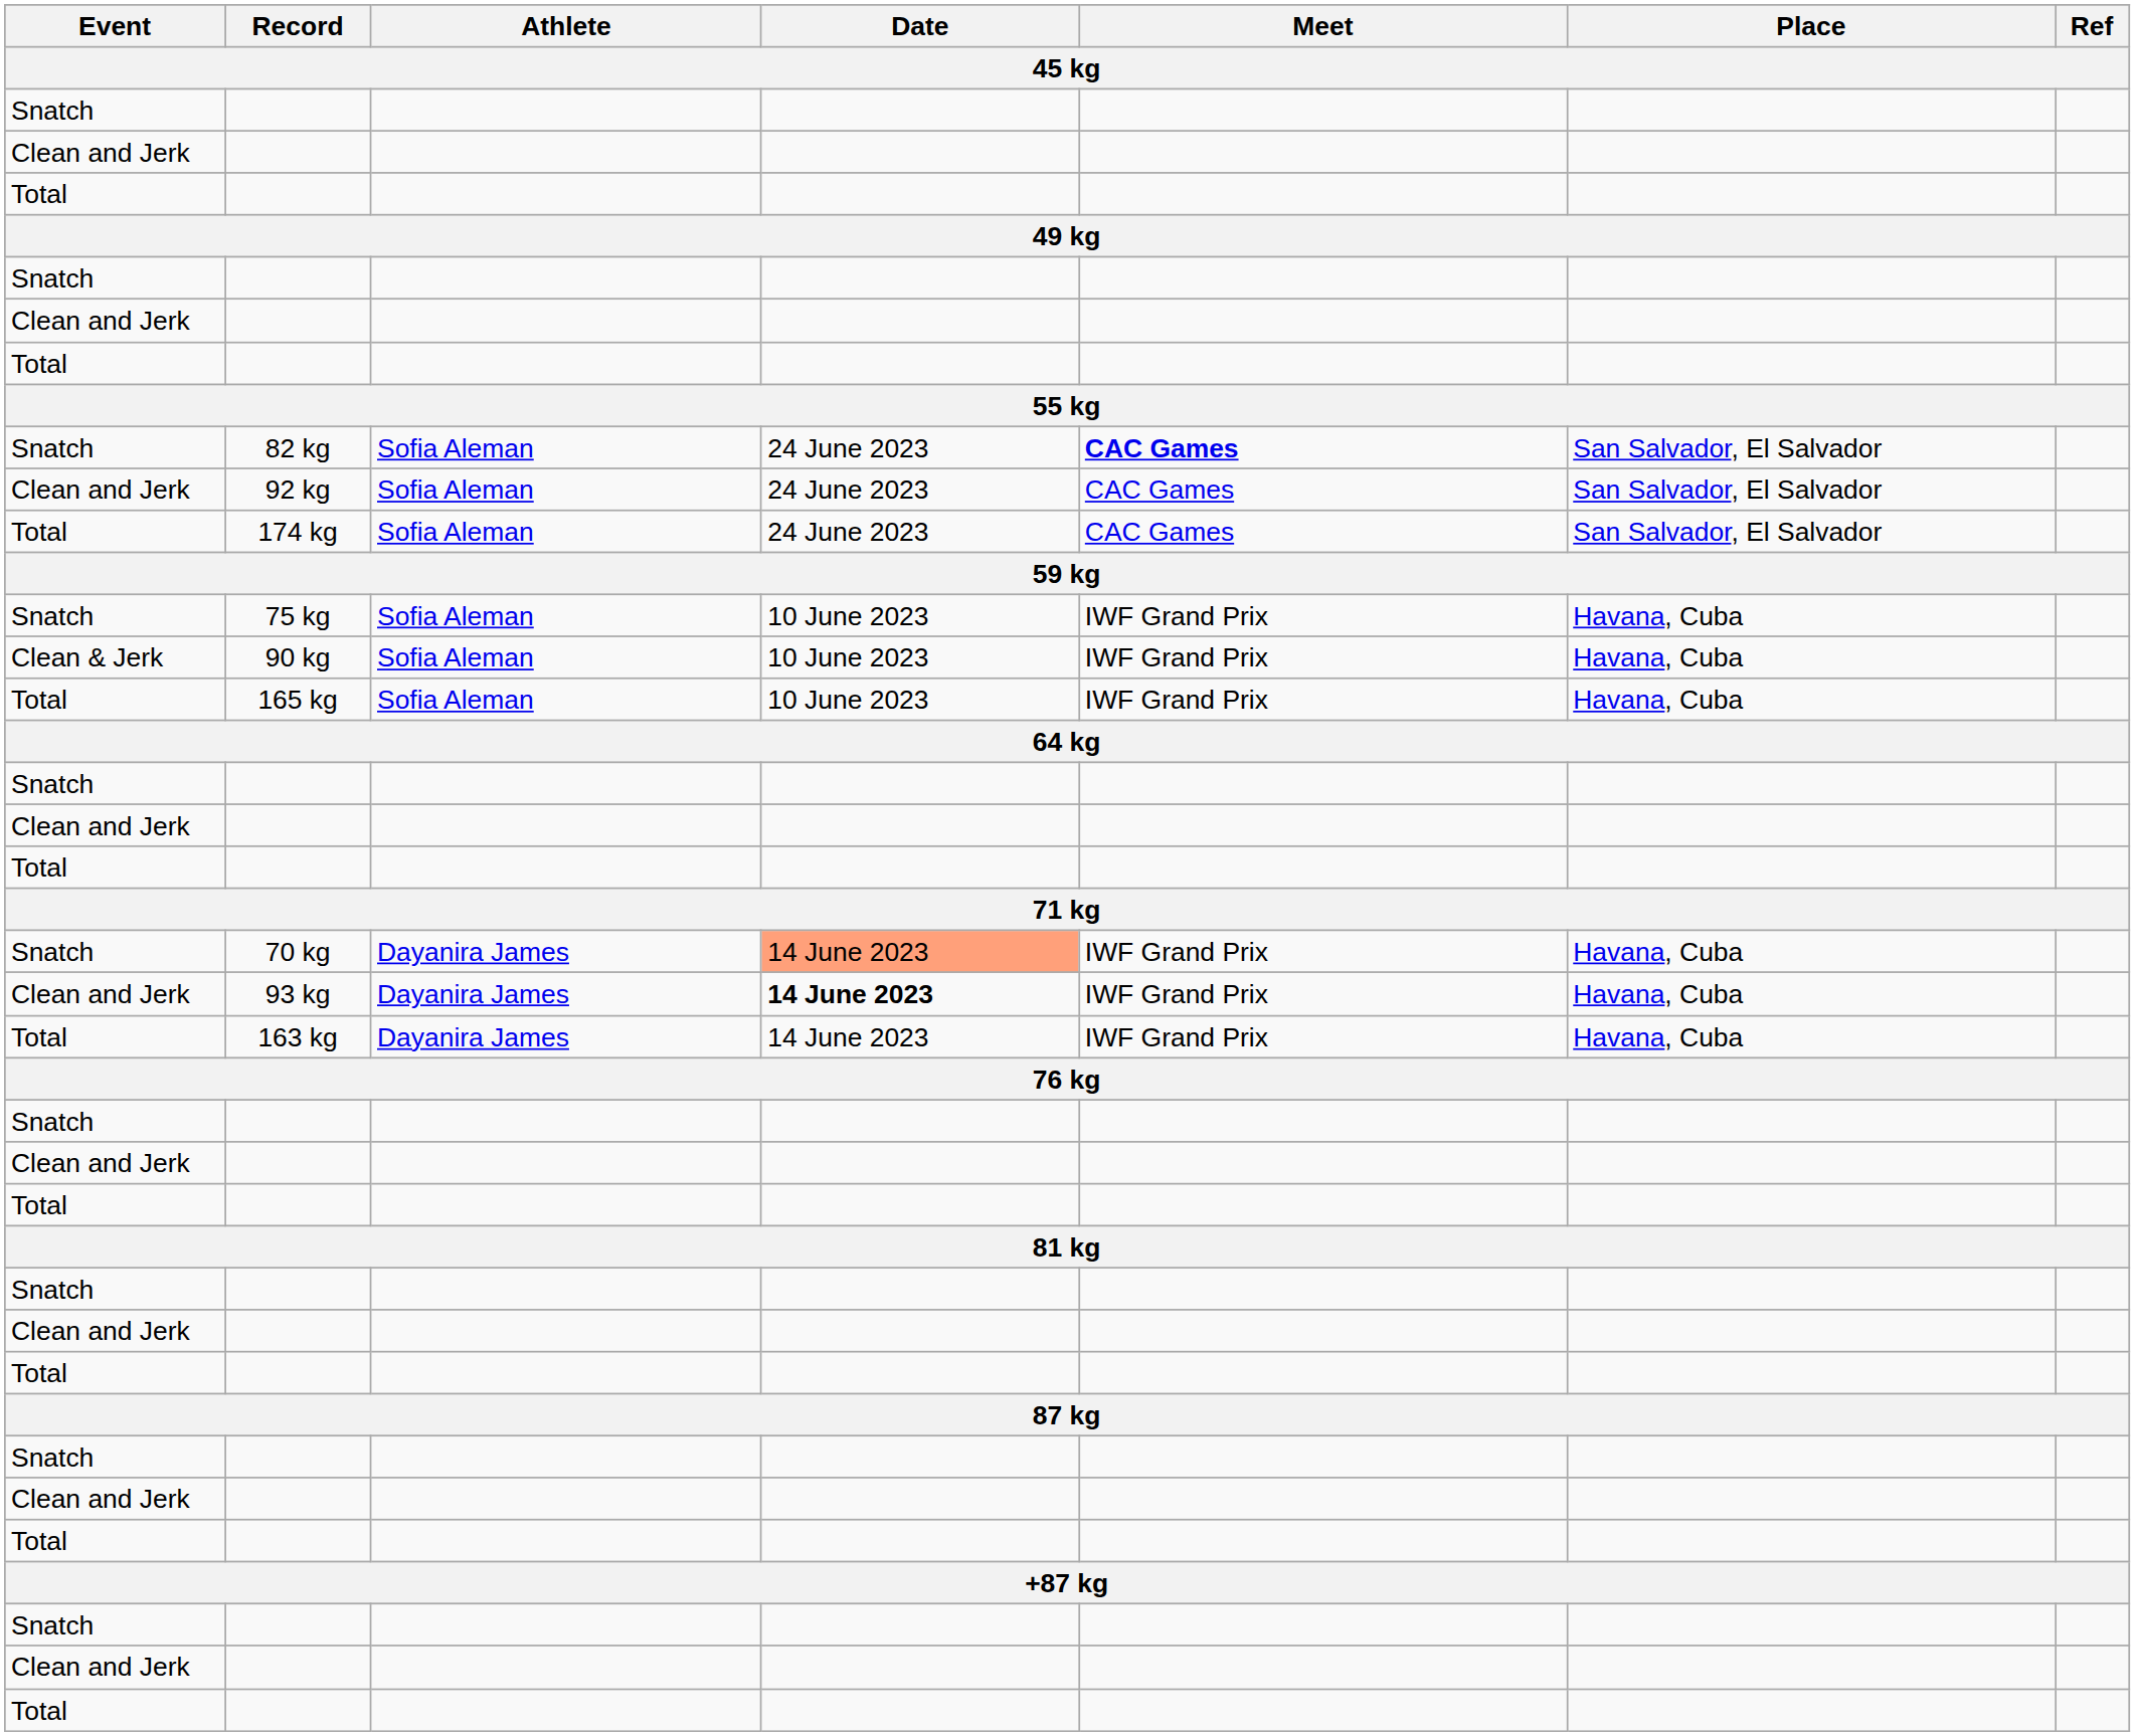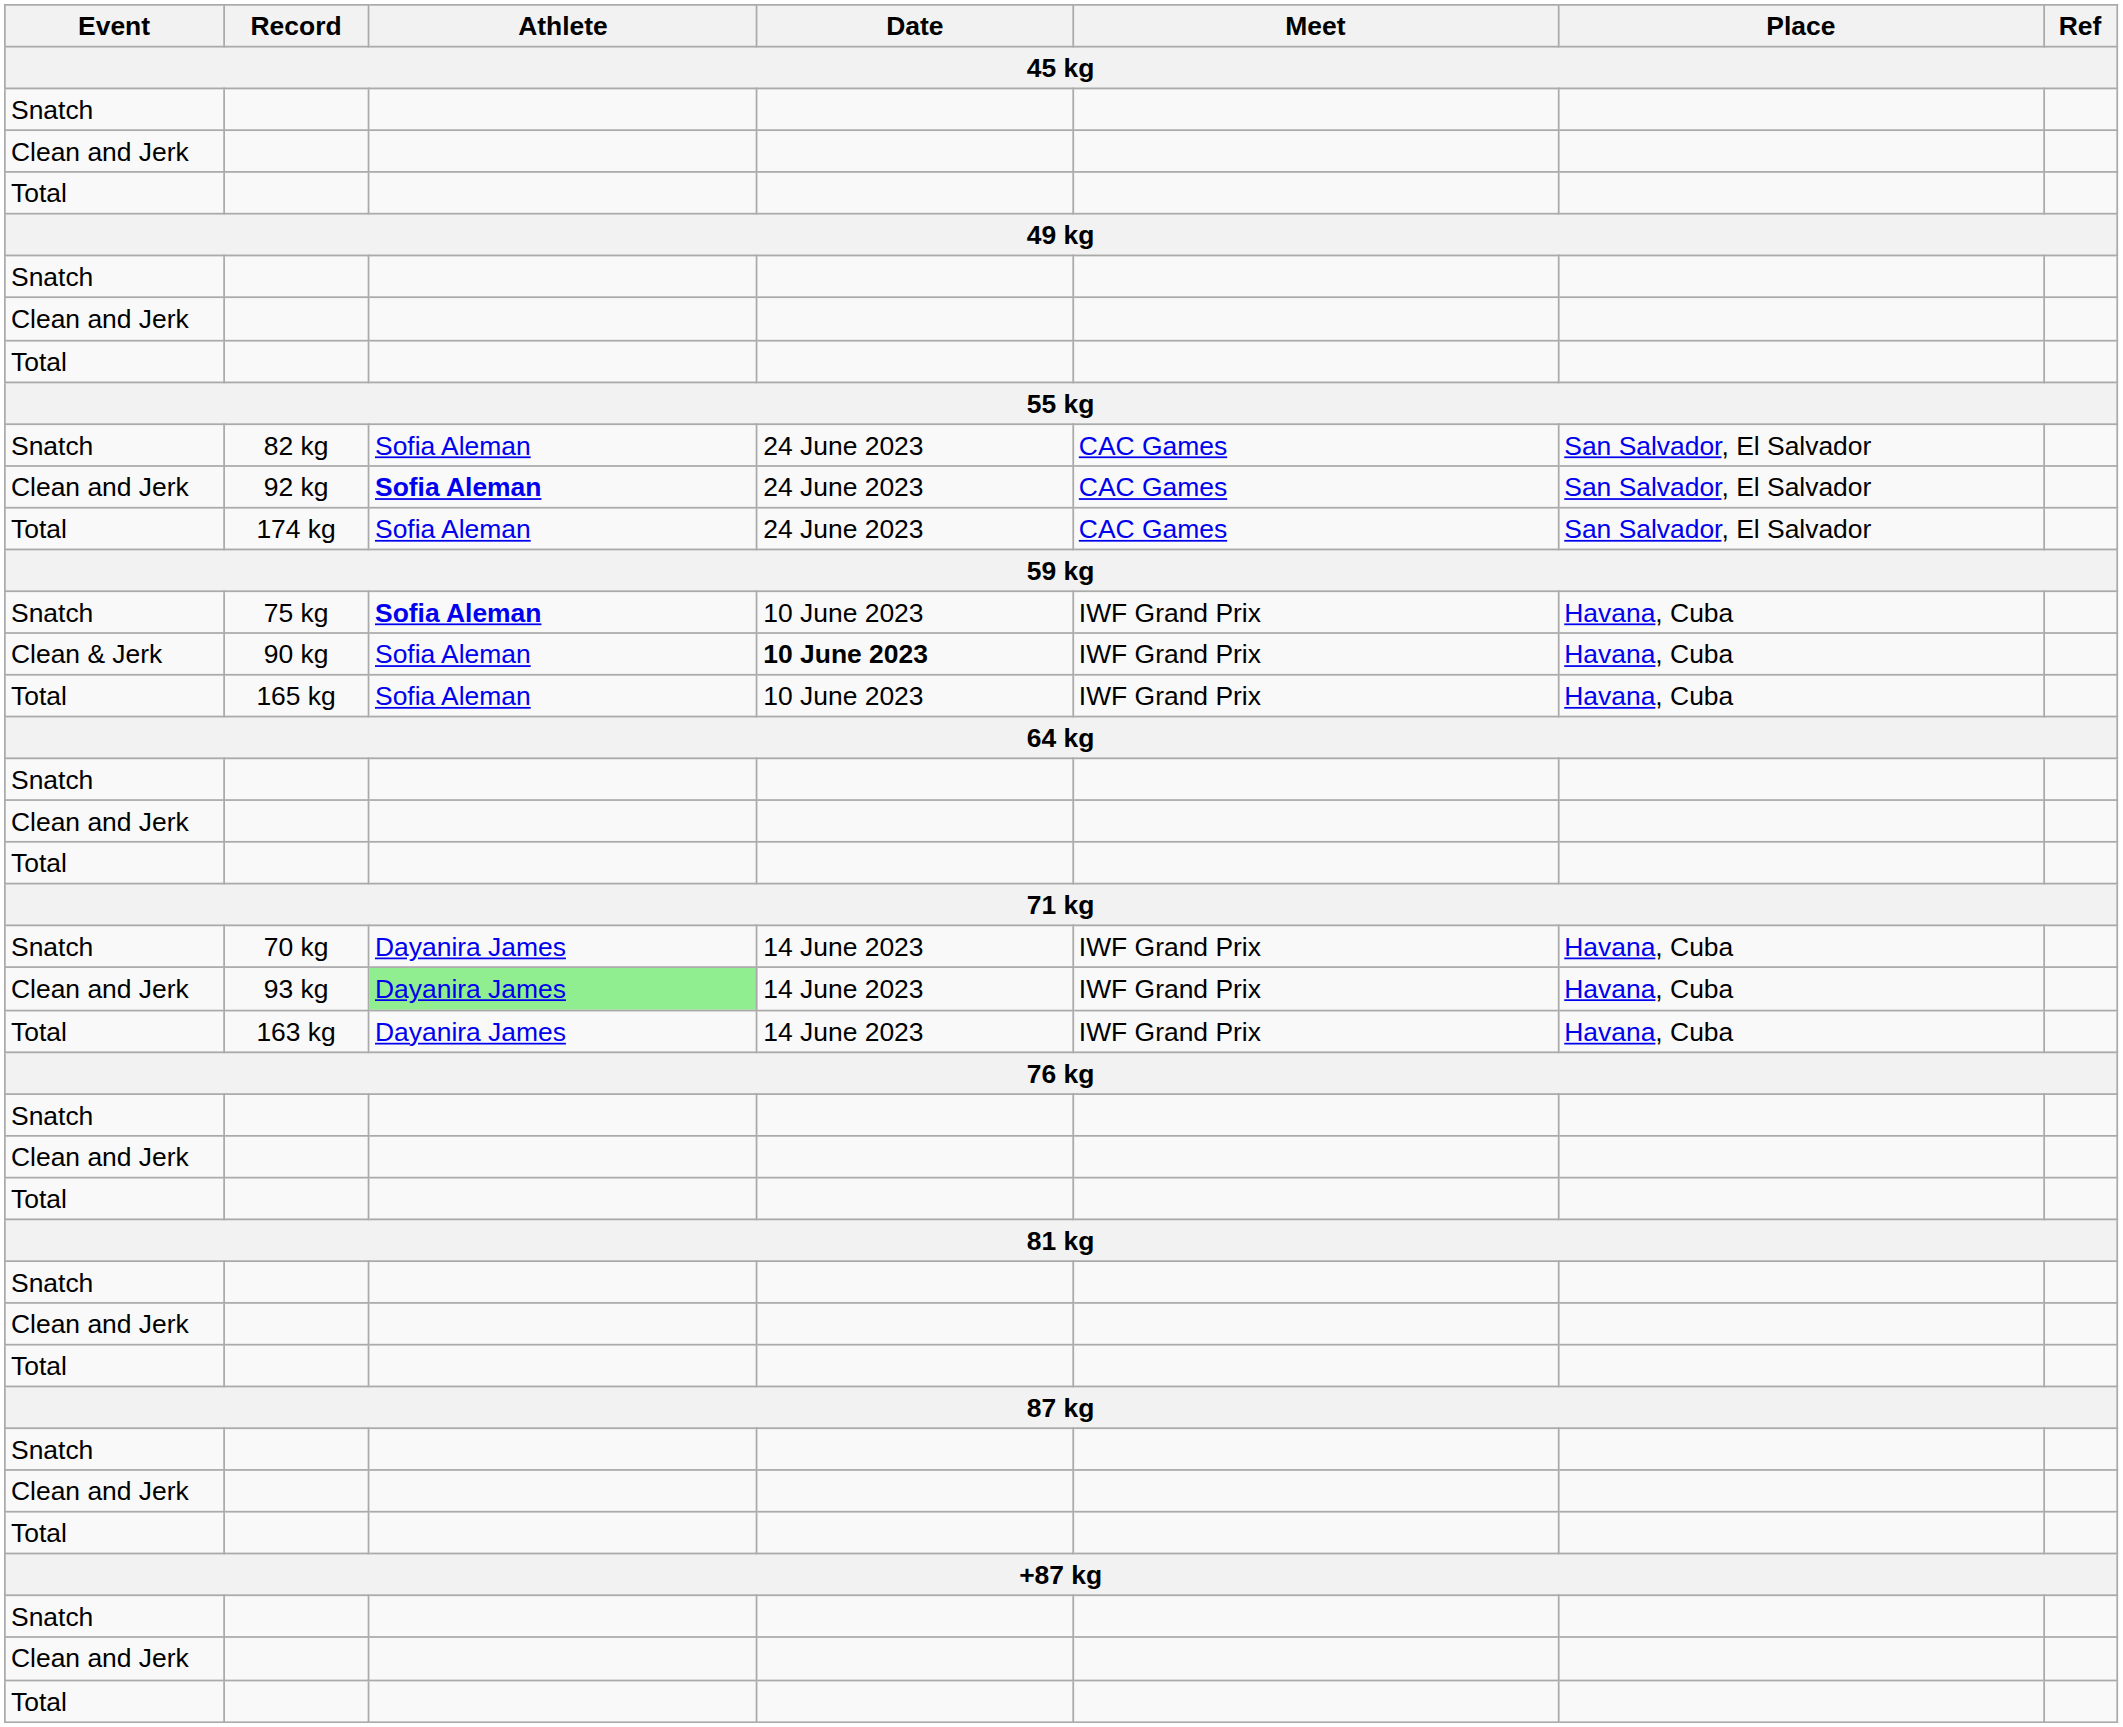 <table class="wikitable" style="font-size:95%;">
 <tr>
 <th width=9%>Event</th>
 <th width=6%>Record</th>
 <th width=16%>Athlete</th>
 <th width=13%>Date</th>
 <th width=20%>Meet</th>
 <th width=20%>Place</th>
 <th width=3%>Ref</th>
 </tr>
 <tr bgcolor="#DDDDDD">
 <th colspan="7">45 kg</th>
 </tr>
 <tr>
 <td>Snatch</td>
 <td align="center"></td>
 <td></td>
 <td></td>
 <td></td>
 <td></td>
 <td></td>
 </tr>
 <tr>
 <td>Clean and Jerk</td>
 <td align="center"></td>
 <td></td>
 <td></td>
 <td></td>
 <td></td>
 <td></td>
 </tr>
 <tr>
 <td>Total</td>
 <td align="center"></td>
 <td></td>
 <td></td>
 <td></td>
 <td></td>
 <td></td>
 </tr>
 <tr bgcolor="#DDDDDD">
 <th colspan="7">49 kg</th>
 </tr>
 <tr>
 <td>Snatch</td>
 <td align="center"></td>
 <td></td>
 <td></td>
 <td></td>
 <td></td>
 <td></td>
 </tr>
 <tr>
 <td>Clean and Jerk</td>
 <td align="center"></td>
 <td></td>
 <td></td>
 <td></td>
 <td></td>
 <td></td>
 </tr>
 <tr>
 <td>Total</td>
 <td align="center"></td>
 <td></td>
 <td></td>
 <td></td>
 <td></td>
 <td></td>
 </tr>
 <tr bgcolor="#DDDDDD">
 <th colspan="7">55 kg</th>
 </tr>
 <tr>
 <td>Snatch</td>
 <td align="center">82 kg</td>
 <td><a href='#'>Sofia Aleman</a></td>
 <td>24 June 2023</td>
-<td><strong><a href='#'>CAC Games</a></strong></td>
+<td><a href='#'>CAC Games</a></td>
 <td><a href='#'>San Salvador</a>, El Salvador</td>
 <td></td>
 </tr>
 <tr>
 <td>Clean and Jerk</td>
 <td align="center">92 kg</td>
-<td><a href='#'>Sofia Aleman</a></td>
+<td><strong><a href='#'>Sofia Aleman</a></strong></td>
 <td>24 June 2023</td>
 <td><a href='#'>CAC Games</a></td>
 <td><a href='#'>San Salvador</a>, El Salvador</td>
 <td></td>
 </tr>
 <tr>
 <td>Total</td>
 <td align="center">174 kg</td>
 <td><a href='#'>Sofia Aleman</a></td>
 <td>24 June 2023</td>
 <td><a href='#'>CAC Games</a></td>
 <td><a href='#'>San Salvador</a>, El Salvador</td>
 <td></td>
 </tr>
 <tr bgcolor="#DDDDDD">
 <th colspan="7">59 kg</th>
 </tr>
 <tr>
 <td>Snatch</td>
 <td align="center">75 kg</td>
-<td><a href='#'>Sofia Aleman</a></td>
+<td><strong><a href='#'>Sofia Aleman</a></strong></td>
 <td>10 June 2023</td>
 <td>IWF Grand Prix</td>
 <td><a href='#'>Havana</a>, Cuba</td>
 <td></td>
 </tr>
 <tr>
 <td>Clean & Jerk</td>
 <td align="center">90 kg</td>
 <td><a href='#'>Sofia Aleman</a></td>
-<td>10 June 2023</td>
+<td><strong>10 June 2023</strong></td>
 <td>IWF Grand Prix</td>
 <td><a href='#'>Havana</a>, Cuba</td>
 <td></td>
 </tr>
 <tr>
 <td>Total</td>
 <td align="center">165 kg</td>
 <td><a href='#'>Sofia Aleman</a></td>
 <td>10 June 2023</td>
 <td>IWF Grand Prix</td>
 <td><a href='#'>Havana</a>, Cuba</td>
 <td></td>
 </tr>
 <tr bgcolor="#DDDDDD">
 <th colspan="7">64 kg</th>
 </tr>
 <tr>
 <td>Snatch</td>
 <td align="center"></td>
 <td></td>
 <td></td>
 <td></td>
 <td></td>
 <td></td>
 </tr>
 <tr>
 <td>Clean and Jerk</td>
 <td align="center"></td>
 <td></td>
 <td></td>
 <td></td>
 <td></td>
 <td></td>
 </tr>
 <tr>
 <td>Total</td>
 <td align="center"></td>
 <td></td>
 <td></td>
 <td></td>
 <td></td>
 <td></td>
 </tr>
 <tr bgcolor="#DDDDDD">
 <th colspan="7">71 kg</th>
 </tr>
 <tr>
 <td>Snatch</td>
 <td align="center">70 kg</td>
 <td><a href='#'>Dayanira James</a></td>
-<td style="background: lightsalmon;">14 June 2023</td>
+<td>14 June 2023</td>
 <td>IWF Grand Prix</td>
 <td><a href='#'>Havana</a>, Cuba</td>
 <td></td>
 </tr>
 <tr>
 <td>Clean and Jerk</td>
 <td align="center">93 kg</td>
-<td><a href='#'>Dayanira James</a></td>
-<td><strong>14 June 2023</strong></td>
+<td style="background: lightgreen;"><a href='#'>Dayanira James</a></td>
+<td>14 June 2023</td>
 <td>IWF Grand Prix</td>
 <td><a href='#'>Havana</a>, Cuba</td>
 <td></td>
 </tr>
 <tr>
 <td>Total</td>
 <td align="center">163 kg</td>
 <td><a href='#'>Dayanira James</a></td>
 <td>14 June 2023</td>
 <td>IWF Grand Prix</td>
 <td><a href='#'>Havana</a>, Cuba</td>
 <td></td>
 </tr>
 <tr bgcolor="#DDDDDD">
 <th colspan="7">76 kg</th>
 </tr>
 <tr>
 <td>Snatch</td>
 <td align="center"></td>
 <td></td>
 <td></td>
 <td></td>
 <td></td>
 <td></td>
 </tr>
 <tr>
 <td>Clean and Jerk</td>
 <td align="center"></td>
 <td></td>
 <td></td>
 <td></td>
 <td></td>
 <td></td>
 </tr>
 <tr>
 <td>Total</td>
 <td align="center"></td>
 <td></td>
 <td></td>
 <td></td>
 <td></td>
 <td></td>
 </tr>
 <tr bgcolor="#DDDDDD">
 <th colspan="7">81 kg</th>
 </tr>
 <tr>
 <td>Snatch</td>
 <td align="center"></td>
 <td></td>
 <td></td>
 <td></td>
 <td></td>
 <td></td>
 </tr>
 <tr>
 <td>Clean and Jerk</td>
 <td align="center"></td>
 <td></td>
 <td></td>
 <td></td>
 <td></td>
 <td></td>
 </tr>
 <tr>
 <td>Total</td>
 <td align="center"></td>
 <td></td>
 <td></td>
 <td></td>
 <td></td>
 <td></td>
 </tr>
 <tr bgcolor="#DDDDDD">
 <th colspan="7">87 kg</th>
 </tr>
 <tr>
 <td>Snatch</td>
 <td align="center"></td>
 <td></td>
 <td></td>
 <td></td>
 <td></td>
 <td></td>
 </tr>
 <tr>
 <td>Clean and Jerk</td>
 <td align="center"></td>
 <td></td>
 <td></td>
 <td></td>
 <td></td>
 <td></td>
 </tr>
 <tr>
 <td>Total</td>
 <td align="center"></td>
 <td></td>
 <td></td>
 <td></td>
 <td></td>
 <td></td>
 </tr>
 <tr bgcolor="#DDDDDD">
 <th colspan="7">+87 kg</th>
 </tr>
 <tr>
 <td>Snatch</td>
 <td align="center"></td>
 <td></td>
 <td></td>
 <td></td>
 <td></td>
 <td></td>
 </tr>
 <tr>
 <td>Clean and Jerk</td>
 <td align="center"></td>
 <td></td>
 <td></td>
 <td></td>
 <td></td>
 <td></td>
 </tr>
 <tr>
 <td>Total</td>
 <td align="center"></td>
 <td></td>
 <td></td>
 <td></td>
 <td></td>
 <td></td>
 </tr>
 </table>
